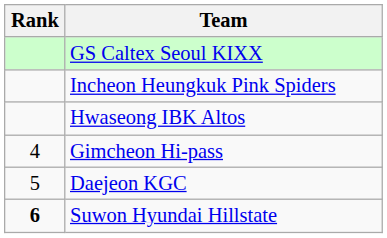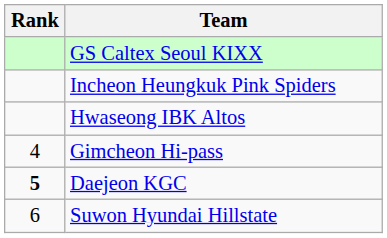 <table class="wikitable" style="text-align: center;">
 <tr>
 <th width=40>Rank</th>
 <th width=240>Team</th>
 </tr>
 <tr bgcolor=#ccffcc>
 <td></td>
 <td align=left><a href='#'>GS Caltex Seoul KIXX</a></td>
 </tr>
 <tr>
 <td></td>
 <td align=left><a href='#'>Incheon Heungkuk Pink Spiders</a></td>
 </tr>
 <tr>
 <td></td>
 <td align=left><a href='#'>Hwaseong IBK Altos</a></td>
 </tr>
 <tr>
 <td>4</td>
 <td align=left><a href='#'>Gimcheon Hi-pass</a></td>
 </tr>
 <tr>
-<td>5</td>
+<td><strong>5</strong></td>
 <td align=left><a href='#'>Daejeon KGC</a></td>
 </tr>
 <tr>
-<td><strong>6</strong></td>
+<td>6</td>
 <td align=left><a href='#'> Suwon Hyundai Hillstate</a></td>
 </tr>
 </table>
